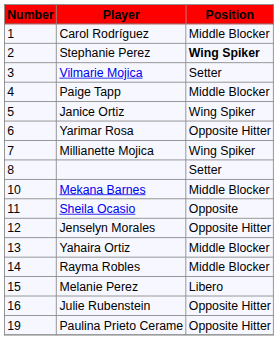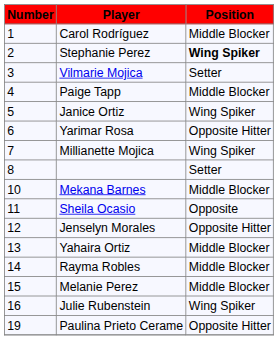 <table bgcolor="#f7f8ff" cellpadding="3" cellspacing="0" border="1" style="font-size: 95%; border: gray solid 1px; border-collapse: collapse;">
 <tr bgcolor="#ff0000">
 <td align=center><strong>Number</strong></td>
 <td align=center><strong>Player</strong></td>
 <td align=center><strong>Position</strong></td>
 </tr>
 <tr align="left">
 <td>1</td>
 <td> Carol Rodríguez</td>
 <td>Middle Blocker</td>
 </tr>
 <tr align="left">
 <td>2</td>
 <td> Stephanie Perez</td>
 <td><strong>Wing Spiker</strong></td>
 </tr>
 <tr align="left">
 <td>3</td>
 <td> <a href='#'>Vilmarie Mojica</a></td>
 <td>Setter</td>
 </tr>
 <tr align="left">
 <td>4</td>
 <td> Paige Tapp</td>
 <td>Middle Blocker</td>
 </tr>
 <tr align="left">
 <td>5</td>
 <td> Janice Ortiz</td>
 <td>Wing Spiker</td>
 </tr>
 <tr align="left">
 <td>6</td>
 <td> Yarimar Rosa</td>
 <td>Opposite Hitter</td>
 </tr>
 <tr align="left">
 <td>7</td>
 <td> Millianette Mojica</td>
 <td>Wing Spiker</td>
 </tr>
 <tr align="left">
 <td>8</td>
 <td> <a href='#'></a></td>
 <td>Setter</td>
 </tr>
 <tr align="left">
 <td>10</td>
 <td> <a href='#'>Mekana Barnes</a></td>
 <td>Middle Blocker</td>
 </tr>
 <tr align="left">
 <td>11</td>
 <td> <a href='#'>Sheila Ocasio</a></td>
 <td>Opposite</td>
 </tr>
 <tr align="left">
 <td>12</td>
 <td> Jenselyn Morales</td>
 <td>Opposite Hitter</td>
 </tr>
 <tr align="left">
 <td>13</td>
 <td> Yahaira Ortiz</td>
 <td>Middle Blocker</td>
 </tr>
 <tr align="left">
 <td>14</td>
 <td> Rayma Robles</td>
 <td>Middle Blocker</td>
 </tr>
 <tr align="left">
 <td>15</td>
 <td> Melanie Perez</td>
-<td>Libero</td>
+<td>Middle Blocker</td>
 </tr>
 <tr align="left">
 <td>16</td>
 <td> Julie Rubenstein</td>
-<td>Opposite Hitter</td>
+<td>Wing Spiker</td>
 </tr>
 <tr align="left">
 <td>19</td>
 <td> Paulina Prieto Cerame</td>
 <td>Opposite Hitter</td>
 </tr>
 <tr align="left">
 </tr>
 </table>
